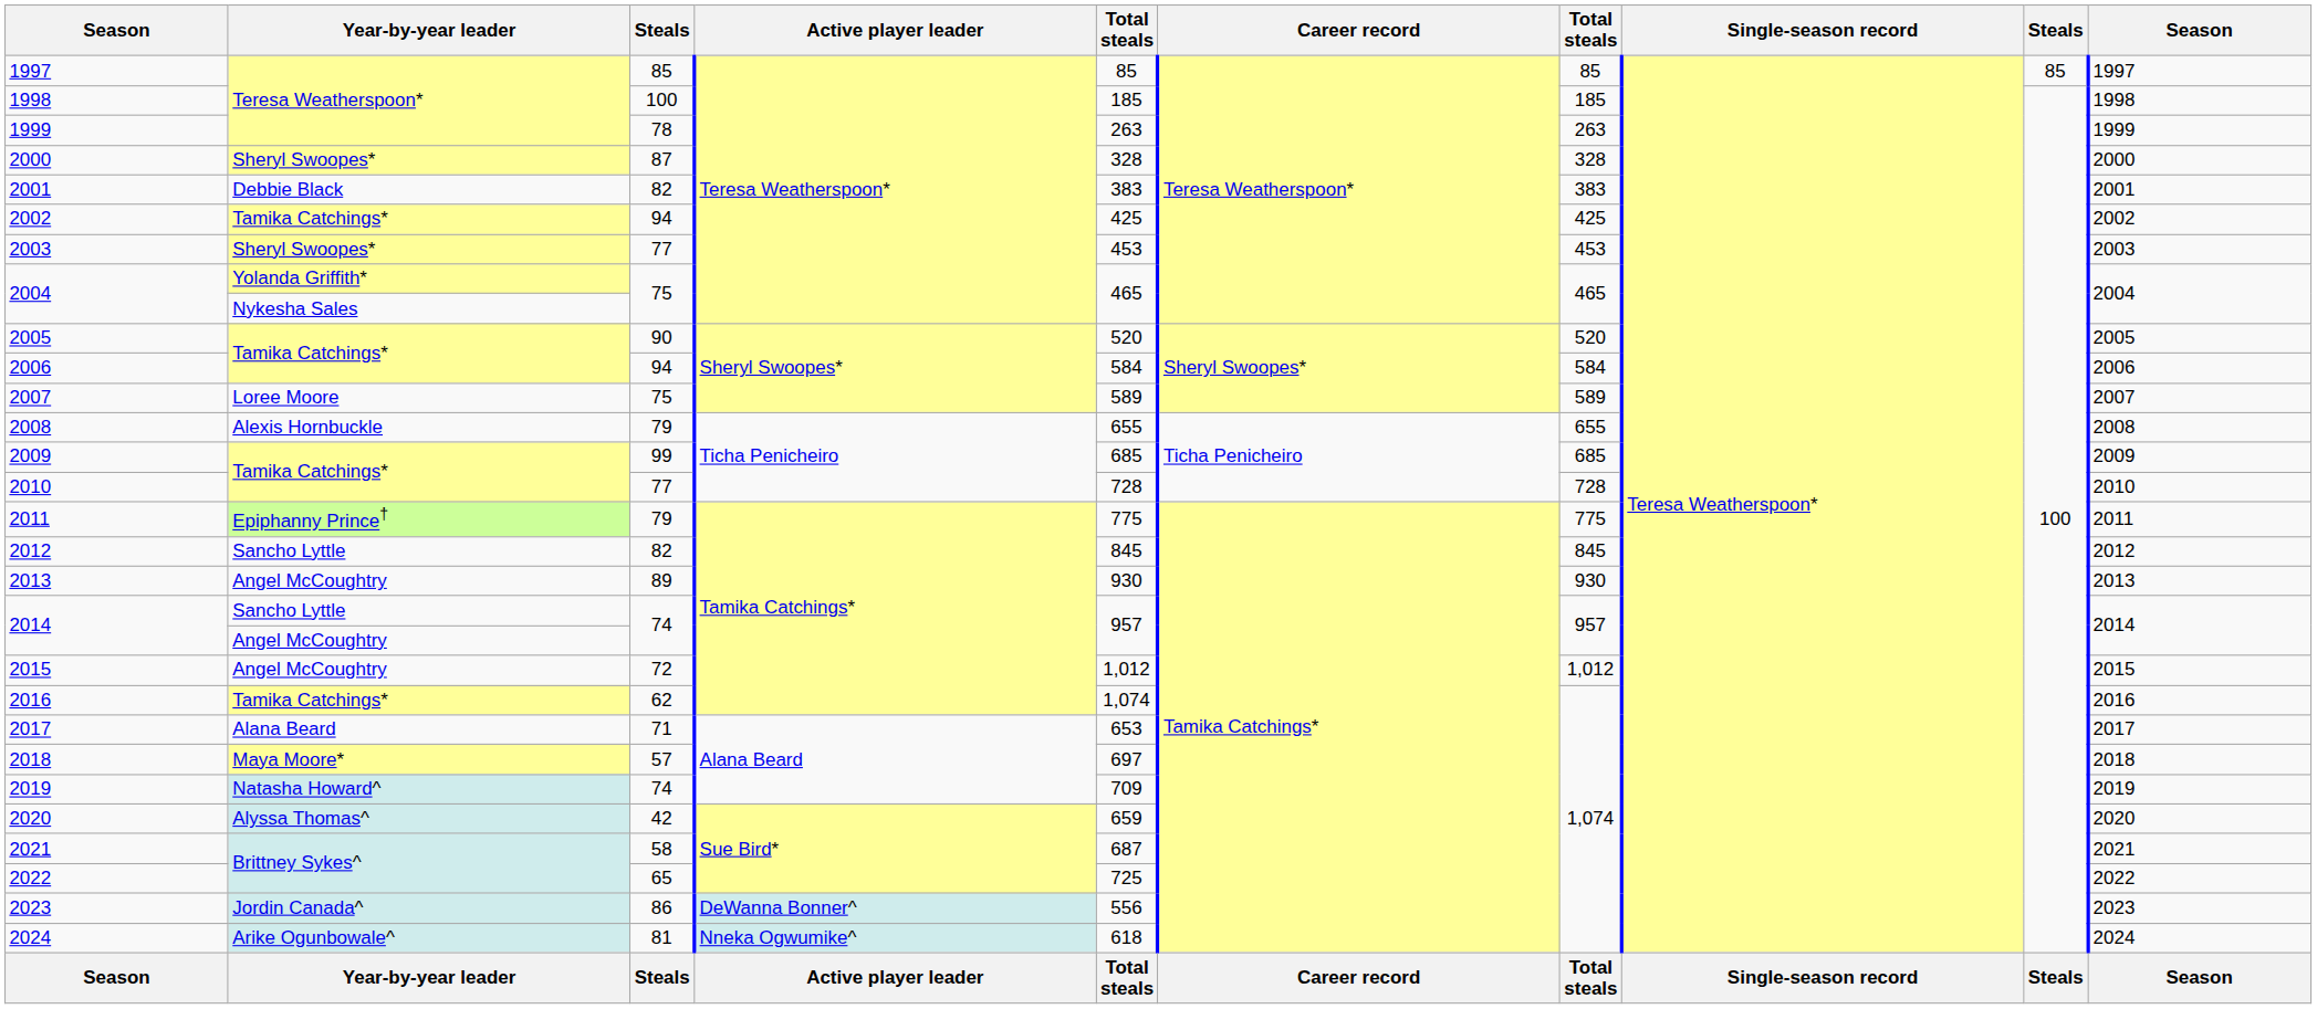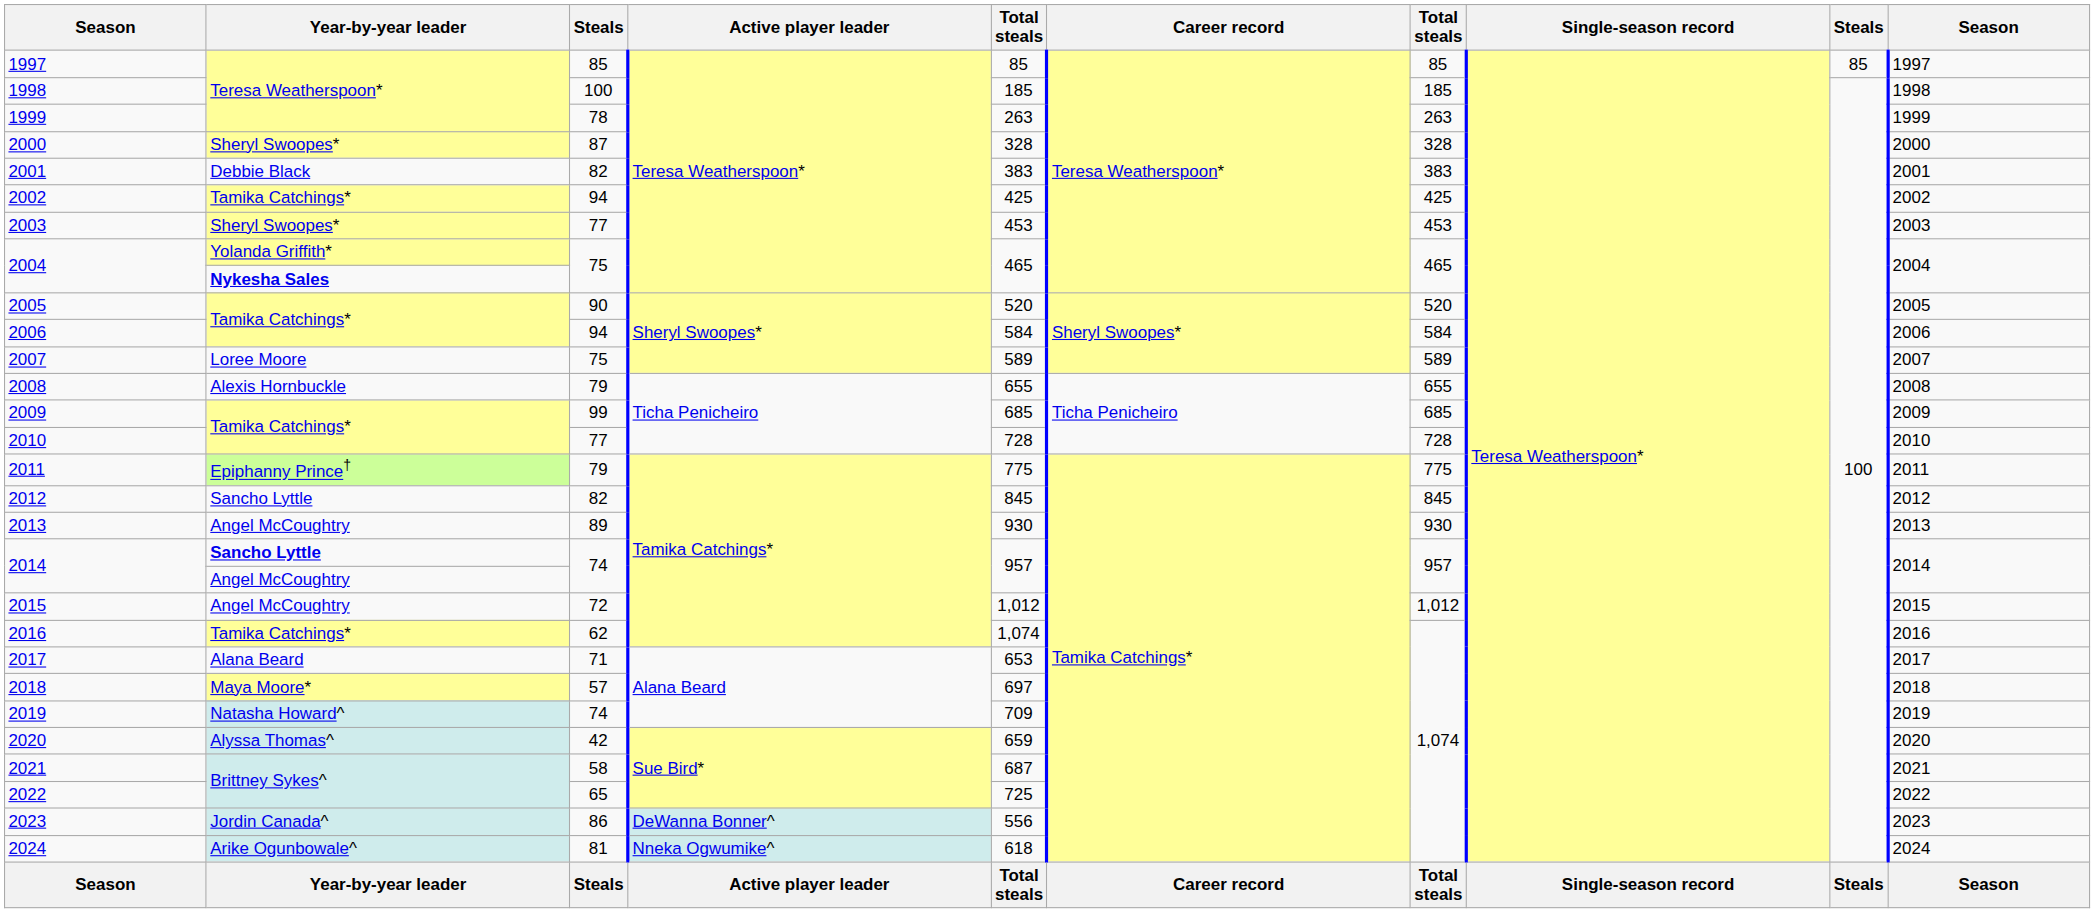 <table class="wikitable">
 <tr>
 <th width=10%>Season</th>
 <th width=18%>Year-by-year leader</th>
 <th>Steals</th>
 <th width=18%>Active player leader</th>
 <th>Total steals</th>
 <th width=18%>Career record</th>
 <th>Total steals</th>
 <th width=18%>Single-season record</th>
 <th>Steals</th>
 <th width=10%>Season</th>
 </tr>
 <tr>
 <td><a href='#'>1997</a></td>
 <td bgcolor="#ffff99" rowspan="3"><a href='#'>Teresa Weatherspoon</a>*</td>
 <td align=center style="border-right: solid blue">85</td>
 <td bgcolor="#ffff99" rowspan="9"><a href='#'>Teresa Weatherspoon</a>*</td>
 <td align=center style="border-right: solid blue">85</td>
 <td bgcolor="#ffff99" rowspan="9"><a href='#'>Teresa Weatherspoon</a>*</td>
 <td align=center style="border-right: solid blue">85</td>
 <td bgcolor="#ffff99" rowspan="30"><a href='#'>Teresa Weatherspoon</a>*</td>
 <td align=center style="border-right: solid blue">85</td>
 <td>1997</td>
 </tr>
 <tr>
 <td><a href='#'>1998</a></td>
 <td align=center style="border-right: solid blue">100</td>
 <td align=center style="border-right: solid blue">185</td>
 <td align=center style="border-right: solid blue">185</td>
 <td align=center style="border-right: solid blue" rowspan="29">100</td>
 <td>1998</td>
 </tr>
 <tr>
 <td><a href='#'>1999</a></td>
 <td align=center style="border-right: solid blue">78</td>
 <td align=center style="border-right: solid blue">263</td>
 <td align=center style="border-right: solid blue">263</td>
 <td>1999</td>
 </tr>
 <tr>
 <td><a href='#'>2000</a></td>
 <td bgcolor="#ffff99"><a href='#'>Sheryl Swoopes</a>*</td>
 <td align=center style="border-right: solid blue">87</td>
 <td align=center style="border-right: solid blue">328</td>
 <td align=center style="border-right: solid blue">328</td>
 <td>2000</td>
 </tr>
 <tr>
 <td><a href='#'>2001</a></td>
 <td><a href='#'>Debbie Black</a></td>
 <td align=center style="border-right: solid blue">82</td>
 <td align=center style="border-right: solid blue">383</td>
 <td align=center style="border-right: solid blue">383</td>
 <td>2001</td>
 </tr>
 <tr>
 <td><a href='#'>2002</a></td>
 <td bgcolor="#ffff99"><a href='#'>Tamika Catchings</a>*</td>
 <td align=center style="border-right: solid blue">94</td>
 <td align=center style="border-right: solid blue">425</td>
 <td align=center style="border-right: solid blue">425</td>
 <td>2002</td>
 </tr>
 <tr>
 <td><a href='#'>2003</a></td>
 <td bgcolor="#ffff99"><a href='#'>Sheryl Swoopes</a>*</td>
 <td align=center style="border-right: solid blue">77</td>
 <td align=center style="border-right: solid blue">453</td>
 <td align=center style="border-right: solid blue">453</td>
 <td>2003</td>
 </tr>
 <tr>
 <td rowspan="2"><a href='#'>2004</a></td>
 <td bgcolor="#ffff99"><a href='#'>Yolanda Griffith</a>*</td>
 <td align=center style="border-right: solid blue" rowspan="2">75</td>
 <td align=center style="border-right: solid blue" rowspan="2">465</td>
 <td align=center style="border-right: solid blue" rowspan="2">465</td>
 <td rowspan="2">2004</td>
 </tr>
 <tr>
-<td><a href='#'>Nykesha Sales</a></td>
+<td><strong><a href='#'>Nykesha Sales</a></strong></td>
 </tr>
 <tr>
 <td><a href='#'>2005</a></td>
 <td bgcolor="#ffff99" rowspan="2"><a href='#'>Tamika Catchings</a>*</td>
 <td align=center style="border-right: solid blue">90</td>
 <td bgcolor="#ffff99" rowspan="3"><a href='#'>Sheryl Swoopes</a>*</td>
 <td align=center style="border-right: solid blue">520</td>
 <td bgcolor="#ffff99" rowspan="3"><a href='#'>Sheryl Swoopes</a>*</td>
 <td align=center style="border-right: solid blue">520</td>
 <td>2005</td>
 </tr>
 <tr>
 <td><a href='#'>2006</a></td>
 <td align=center style="border-right: solid blue">94</td>
 <td align=center style="border-right: solid blue">584</td>
 <td align=center style="border-right: solid blue">584</td>
 <td>2006</td>
 </tr>
 <tr>
 <td><a href='#'>2007</a></td>
 <td><a href='#'>Loree Moore</a></td>
 <td align=center style="border-right: solid blue">75</td>
 <td align=center style="border-right: solid blue">589</td>
 <td align=center style="border-right: solid blue">589</td>
 <td>2007</td>
 </tr>
 <tr>
 <td><a href='#'>2008</a></td>
 <td><a href='#'>Alexis Hornbuckle</a></td>
 <td align=center style="border-right: solid blue">79</td>
 <td rowspan="3"><a href='#'>Ticha Penicheiro</a></td>
 <td align=center style="border-right: solid blue">655</td>
 <td rowspan="3"><a href='#'>Ticha Penicheiro</a></td>
 <td align=center style="border-right: solid blue">655</td>
 <td>2008</td>
 </tr>
 <tr>
 <td><a href='#'>2009</a></td>
 <td bgcolor="#ffff99" rowspan="2"><a href='#'>Tamika Catchings</a>*</td>
 <td align=center style="border-right: solid blue">99</td>
 <td align=center style="border-right: solid blue">685</td>
 <td align=center style="border-right: solid blue">685</td>
 <td>2009</td>
 </tr>
 <tr>
 <td><a href='#'>2010</a></td>
 <td align=center style="border-right: solid blue">77</td>
 <td align=center style="border-right: solid blue">728</td>
 <td align=center style="border-right: solid blue">728</td>
 <td>2010</td>
 </tr>
 <tr>
 <td><a href='#'>2011</a></td>
 <td bgcolor="#ccff99"><a href='#'>Epiphanny Prince</a><sup>†</sup></td>
 <td align=center style="border-right: solid blue">79</td>
 <td bgcolor="#ffff99" rowspan="7"><a href='#'>Tamika Catchings</a>*</td>
 <td align=center style="border-right: solid blue">775</td>
 <td bgcolor="#ffff99" rowspan="15"><a href='#'>Tamika Catchings</a>*</td>
 <td align=center style="border-right: solid blue">775</td>
 <td>2011</td>
 </tr>
 <tr>
 <td><a href='#'>2012</a></td>
 <td><a href='#'>Sancho Lyttle</a></td>
 <td align=center style="border-right: solid blue">82</td>
 <td align=center style="border-right: solid blue">845</td>
 <td align=center style="border-right: solid blue">845</td>
 <td>2012</td>
 </tr>
 <tr>
 <td><a href='#'>2013</a></td>
 <td><a href='#'>Angel McCoughtry</a></td>
 <td align=center style="border-right: solid blue">89</td>
 <td align=center style="border-right: solid blue">930</td>
 <td align=center style="border-right: solid blue">930</td>
 <td>2013</td>
 </tr>
 <tr>
 <td rowspan="2"><a href='#'>2014</a></td>
-<td><a href='#'>Sancho Lyttle</a></td>
+<td><strong><a href='#'>Sancho Lyttle</a></strong></td>
 <td align=center style="border-right: solid blue" rowspan="2">74</td>
 <td align=center style="border-right: solid blue" rowspan="2">957</td>
 <td align=center style="border-right: solid blue" rowspan="2">957</td>
 <td rowspan="2">2014</td>
 </tr>
 <tr>
 <td><a href='#'>Angel McCoughtry</a></td>
 </tr>
 <tr>
 <td><a href='#'>2015</a></td>
 <td><a href='#'>Angel McCoughtry</a></td>
 <td align=center style="border-right: solid blue">72</td>
 <td align=center style="border-right: solid blue">1,012</td>
 <td align=center style="border-right: solid blue">1,012</td>
 <td>2015</td>
 </tr>
 <tr>
 <td><a href='#'>2016</a></td>
 <td bgcolor="#ffff99"><a href='#'>Tamika Catchings</a>*</td>
 <td align=center style="border-right: solid blue">62</td>
 <td align=center style="border-right: solid blue">1,074</td>
 <td align=center style="border-right: solid blue" rowspan="9">1,074</td>
 <td>2016</td>
 </tr>
 <tr>
 <td><a href='#'>2017</a></td>
 <td><a href='#'>Alana Beard</a></td>
 <td align=center style="border-right: solid blue">71</td>
 <td rowspan="3"><a href='#'>Alana Beard</a></td>
 <td align=center style="border-right: solid blue">653</td>
 <td>2017</td>
 </tr>
 <tr>
 <td><a href='#'>2018</a></td>
 <td bgcolor="#FFFF99"><a href='#'>Maya Moore</a>*</td>
 <td align=center style="border-right: solid blue">57</td>
 <td align=center style="border-right: solid blue">697</td>
 <td>2018</td>
 </tr>
 <tr>
 <td><a href='#'>2019</a></td>
 <td bgcolor="#cfecec"><a href='#'>Natasha Howard</a>^</td>
 <td align=center style="border-right: solid blue">74</td>
 <td align=center style="border-right: solid blue">709</td>
 <td>2019</td>
 </tr>
 <tr>
 <td><a href='#'>2020</a></td>
 <td bgcolor="#cfecec"><a href='#'>Alyssa Thomas</a>^</td>
 <td align=center style="border-right: solid blue">42</td>
 <td bgcolor="#FFFF99" rowspan="3"><a href='#'>Sue Bird</a>*</td>
 <td align=center style="border-right: solid blue">659</td>
 <td>2020</td>
 </tr>
 <tr>
 <td><a href='#'>2021</a></td>
 <td bgcolor="#cfecec" rowspan="2"><a href='#'>Brittney Sykes</a>^</td>
 <td align=center style="border-right: solid blue">58</td>
 <td align=center style="border-right: solid blue">687</td>
 <td>2021</td>
 </tr>
 <tr>
 <td><a href='#'>2022</a></td>
 <td align=center style="border-right: solid blue">65</td>
 <td align=center style="border-right: solid blue">725</td>
 <td>2022</td>
 </tr>
 <tr>
 <td><a href='#'>2023</a></td>
 <td bgcolor="#cfecec"><a href='#'>Jordin Canada</a>^</td>
 <td align=center style="border-right: solid blue">86</td>
 <td bgcolor="#cfecec"><a href='#'>DeWanna Bonner</a>^</td>
 <td align=center style="border-right: solid blue">556</td>
 <td>2023</td>
 </tr>
 <tr>
 <td><a href='#'>2024</a></td>
 <td bgcolor="#cfecec"><a href='#'>Arike Ogunbowale</a>^</td>
 <td align=center style="border-right: solid blue">81</td>
 <td bgcolor="#cfecec"><a href='#'>Nneka Ogwumike</a>^</td>
 <td align=center style="border-right: solid blue">618</td>
 <td>2024</td>
 </tr>
 <tr>
 <th>Season</th>
 <th>Year-by-year leader</th>
 <th>Steals</th>
 <th>Active player leader</th>
 <th>Total steals</th>
 <th>Career record</th>
 <th>Total steals</th>
 <th>Single-season record</th>
 <th>Steals</th>
 <th>Season</th>
 </tr>
 </table>
